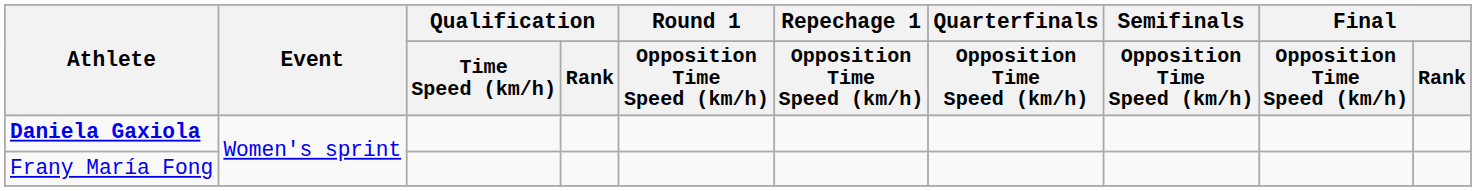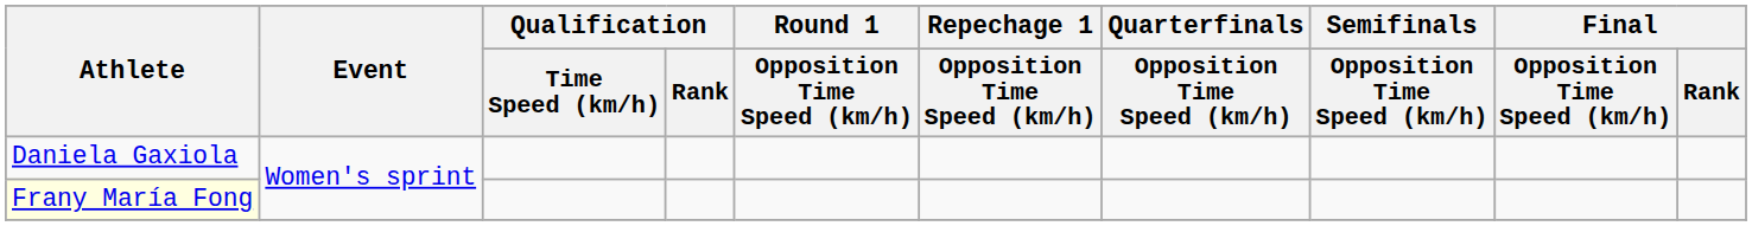 <table class="wikitable" style="font-size:90%">
 <tr>
 <th rowspan=2>Athlete</th>
 <th rowspan=2>Event</th>
 <th colspan=2>Qualification</th>
 <th>Round 1</th>
 <th>Repechage 1</th>
 <th>Quarterfinals</th>
 <th>Semifinals</th>
 <th colspan=2>Final</th>
 </tr>
 <tr style="font-size:95%">
 <th>Time<br>Speed (km/h)</th>
 <th>Rank</th>
 <th>Opposition<br>Time<br>Speed (km/h)</th>
 <th>Opposition<br>Time<br>Speed (km/h)</th>
 <th>Opposition<br>Time<br>Speed (km/h)</th>
 <th>Opposition<br>Time<br>Speed (km/h)</th>
 <th>Opposition<br>Time<br>Speed (km/h)</th>
 <th>Rank</th>
 </tr>
 <tr align=center>
-<td align=left><strong><a href='#'>Daniela Gaxiola</a></strong></td>
+<td align=left><a href='#'>Daniela Gaxiola</a></td>
 <td align=left rowspan="2"><a href='#'>Women's sprint</a></td>
 <td></td>
 <td></td>
 <td></td>
 <td></td>
 <td></td>
 <td></td>
 <td></td>
 <td></td>
 </tr>
 <tr align=center>
-<td align=left><a href='#'>Frany María Fong</a></td>
+<td align=left style="background: lightyellow;"><a href='#'>Frany María Fong</a></td>
 <td></td>
 <td></td>
 <td></td>
 <td></td>
 <td></td>
 <td></td>
 <td></td>
 <td></td>
 </tr>
 </table>
